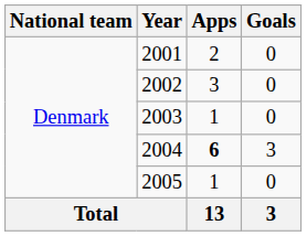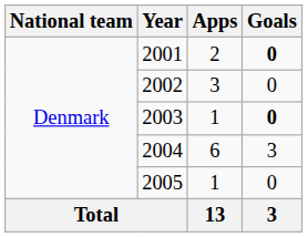 <table class="wikitable" style="text-align:center">
 <tr>
 <th>National team</th>
 <th>Year</th>
 <th>Apps</th>
 <th>Goals</th>
 </tr>
 <tr>
 <td rowspan="5"><a href='#'>Denmark</a></td>
 <td>2001</td>
 <td>2</td>
-<td>0</td>
+<td><strong>0</strong></td>
 </tr>
 <tr>
 <td>2002</td>
 <td>3</td>
 <td>0</td>
 </tr>
 <tr>
 <td>2003</td>
 <td>1</td>
-<td>0</td>
+<td><strong>0</strong></td>
 </tr>
 <tr>
 <td>2004</td>
-<td><strong>6</strong></td>
+<td>6</td>
 <td>3</td>
 </tr>
 <tr>
 <td>2005</td>
 <td>1</td>
 <td>0</td>
 </tr>
 <tr>
 <th colspan="2">Total</th>
 <th>13</th>
 <th>3</th>
 </tr>
 </table>
